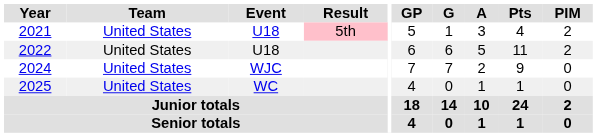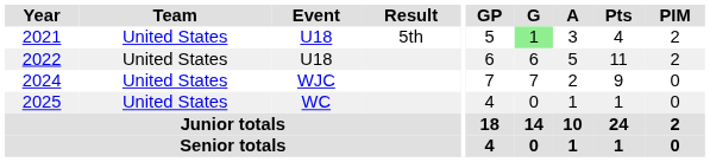 <table border="0" cellpadding="1" cellspacing="0" ID="Table3" style="text-align:center; width:40em;">
 <tr bgcolor="#e0e0e0">
 <th>Year</th>
 <th>Team</th>
 <th>Event</th>
 <th>Result</th>
 <th rowspan="98" bgcolor="#ffffff"></th>
 <th>GP</th>
 <th>G</th>
 <th>A</th>
 <th>Pts</th>
 <th>PIM</th>
 </tr>
 <tr>
 <td><a href='#'>2021</a></td>
 <td><a href='#'>United States</a></td>
 <td><a href='#'>U18</a></td>
-<td style="background: pink;">5th</td>
+<td>5th</td>
 <td>5</td>
-<td>1</td>
+<td style="background: lightgreen;">1</td>
 <td>3</td>
 <td>4</td>
 <td>2</td>
 </tr>
 <tr bgcolor="#f0f0f0">
 <td><a href='#'>2022</a></td>
 <td>United States</td>
 <td>U18</td>
 <td></td>
 <td>6</td>
 <td>6</td>
 <td>5</td>
 <td>11</td>
 <td>2</td>
 </tr>
 <tr>
 <td><a href='#'>2024</a></td>
 <td><a href='#'>United States</a></td>
 <td><a href='#'>WJC</a></td>
 <td></td>
 <td>7</td>
 <td>7</td>
 <td>2</td>
 <td>9</td>
 <td>0</td>
 </tr>
 <tr bgcolor="#f0f0f0">
 <td><a href='#'>2025</a></td>
 <td><a href='#'>United States</a></td>
 <td><a href='#'>WC</a></td>
 <td></td>
 <td>4</td>
 <td>0</td>
 <td>1</td>
 <td>1</td>
 <td>0</td>
 </tr>
 <tr bgcolor="#e0e0e0">
 <th colspan="4">Junior totals</th>
 <th>18</th>
 <th>14</th>
 <th>10</th>
 <th>24</th>
 <th>2</th>
 </tr>
 <tr bgcolor="#e0e0e0">
 <th colspan="4">Senior totals</th>
 <th>4</th>
 <th>0</th>
 <th>1</th>
 <th>1</th>
 <th>0</th>
 </tr>
 </table>
